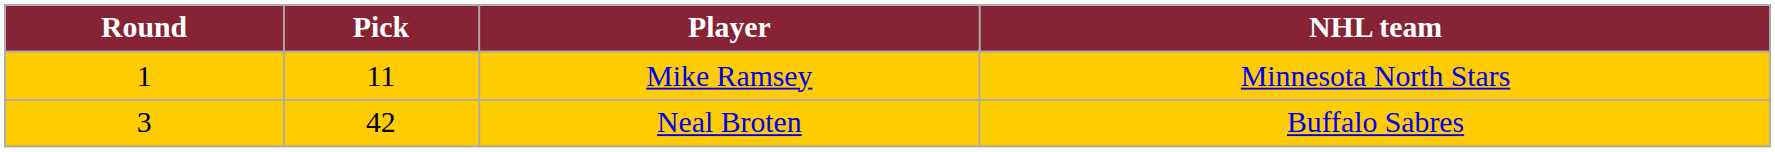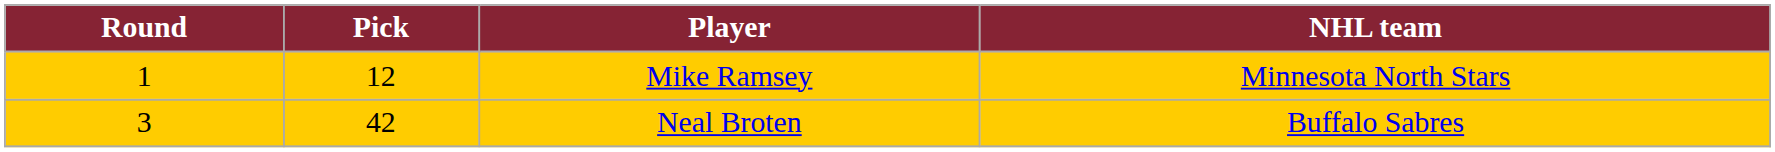 <table class="wikitable" width="60%">
 <tr>
 <th style="color:white; background:#862334; ">Round</th>
 <th style="color:white; background:#862334; ">Pick</th>
 <th style="color:white; background:#862334; ">Player</th>
 <th style="color:white; background:#862334; ">NHL team</th>
 </tr>
 <tr align="center" bgcolor="FFCC00">
 <td>1</td>
-<td>11</td>
+<td>12</td>
 <td><a href='#'>Mike Ramsey</a></td>
 <td><a href='#'>Minnesota North Stars</a></td>
 </tr>
 <tr align="center" bgcolor="FFCC00">
 <td>3</td>
 <td>42</td>
 <td><a href='#'>Neal Broten</a></td>
 <td><a href='#'>Buffalo Sabres</a></td>
 </tr>
 </table>
